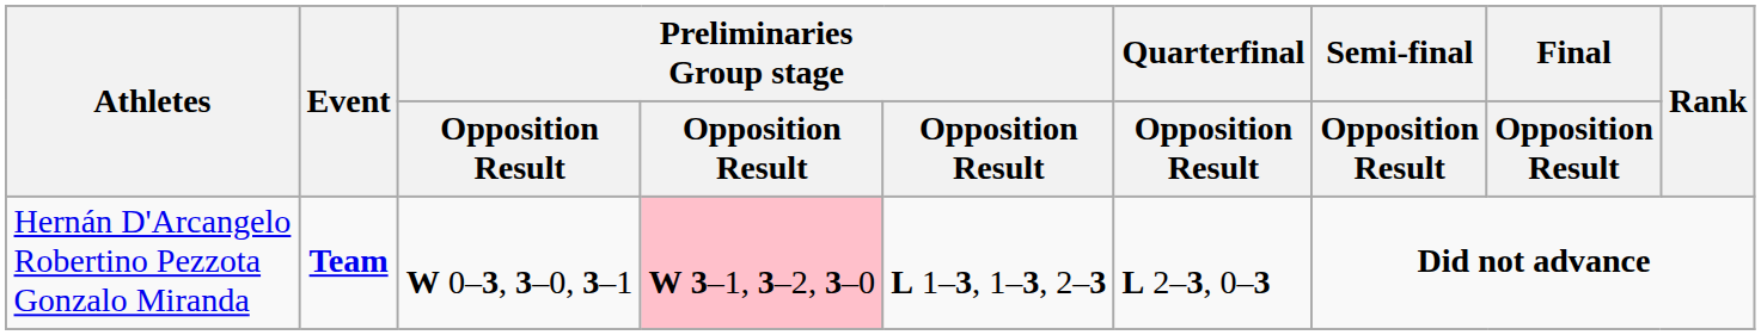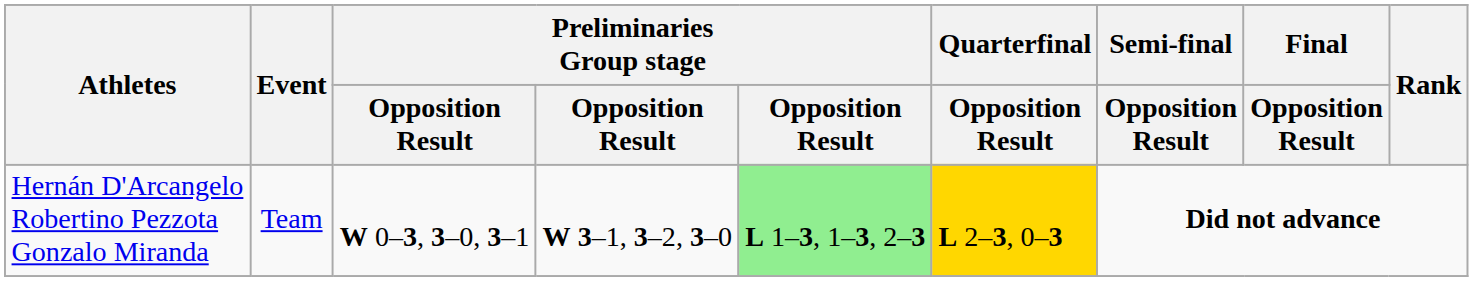 <table class="wikitable" border="1" style="font-size:90%">
 <tr>
 <th rowspan=2>Athletes</th>
 <th rowspan=2>Event</th>
 <th colspan=3>Preliminaries<br>Group stage</th>
 <th>Quarterfinal</th>
 <th>Semi-final</th>
 <th>Final</th>
 <th rowspan=2>Rank</th>
 </tr>
 <tr>
 <th>Opposition<br>Result</th>
 <th>Opposition<br>Result</th>
 <th>Opposition<br>Result</th>
 <th>Opposition<br>Result</th>
 <th>Opposition<br>Result</th>
 <th>Opposition<br>Result</th>
 </tr>
 <tr>
 <td><a href='#'>Hernán D'Arcangelo</a><br><a href='#'>Robertino Pezzota</a><br><a href='#'>Gonzalo Miranda</a></td>
-<td align=center><strong><a href='#'>Team</a></strong></td>
+<td align=center><a href='#'>Team</a></td>
 <td><br><strong>W</strong> 0–<strong>3</strong>, <strong>3</strong>–0, <strong>3</strong>–1</td>
-<td style="background: pink;"><br><strong>W</strong> <strong>3</strong>–1, <strong>3</strong>–2, <strong>3</strong>–0</td>
-<td><br><strong>L</strong> 1–<strong>3</strong>, 1–<strong>3</strong>, 2–<strong>3</strong></td>
-<td><br><strong>L</strong> 2–<strong>3</strong>, 0–<strong>3</strong></td>
+<td><br><strong>W</strong> <strong>3</strong>–1, <strong>3</strong>–2, <strong>3</strong>–0</td>
+<td style="background: lightgreen;"><br><strong>L</strong> 1–<strong>3</strong>, 1–<strong>3</strong>, 2–<strong>3</strong></td>
+<td style="background: gold;"><br><strong>L</strong> 2–<strong>3</strong>, 0–<strong>3</strong></td>
 <td align="center" colspan="7"><strong>Did not advance</strong></td>
 </tr>
 </table>
